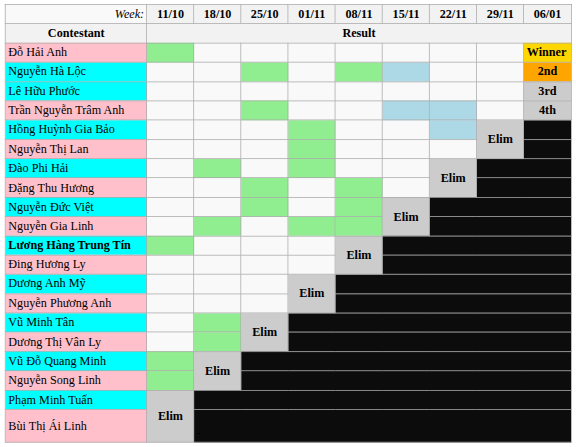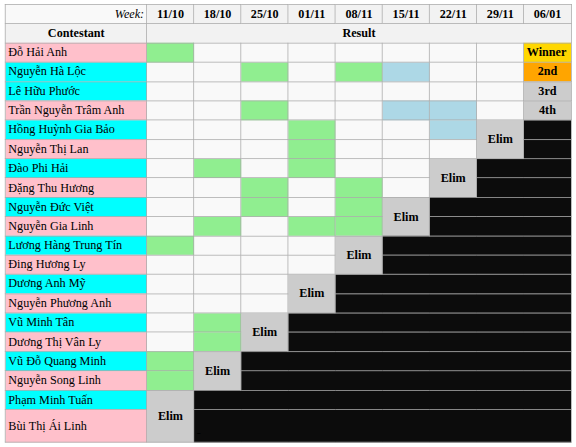 <table class="wikitable" style="margin:1em auto;">
 <tr>
 <td align="right" width="24%"><em>Week:</em></td>
 <th width="8%">11/10</th>
 <th width="8%">18/10</th>
 <th width="8%">25/10</th>
 <th width="8%">01/11</th>
 <th width="8%">08/11</th>
 <th width="8%">15/11</th>
 <th width="8%">22/11</th>
 <th width="8%">29/11</th>
 <th width="8%">06/01</th>
 </tr>
 <tr>
 <th>Contestant</th>
 <th colspan="10" style="text-align:center;">Result</th>
 </tr>
 <tr>
 <td bgcolor="pink">Đỗ Hải Anh</td>
 <td align="center" bgcolor="lightgreen"></td>
 <td></td>
 <td></td>
 <td></td>
 <td></td>
 <td></td>
 <td></td>
 <td></td>
 <td bgcolor="gold"><strong>Winner</strong></td>
 </tr>
 <tr>
 <td bgcolor="cyan">Nguyễn Hà Lộc</td>
 <td></td>
 <td></td>
 <td align="center" bgcolor="lightgreen"></td>
 <td></td>
 <td align="center" bgcolor="lightgreen"></td>
 <td align="center" bgcolor="lightblue"></td>
 <td></td>
 <td></td>
 <td bgcolor="orange" align="center"><strong>2nd</strong></td>
 </tr>
 <tr>
 <td bgcolor="cyan">Lê Hữu Phước</td>
 <td></td>
 <td></td>
 <td></td>
 <td></td>
 <td></td>
 <td></td>
 <td></td>
 <td></td>
 <td bgcolor="cccccc" align="center"><strong>3rd</strong></td>
 </tr>
 <tr>
 <td bgcolor="pink">Trần Nguyễn Trâm Anh</td>
 <td></td>
 <td></td>
 <td align="center" bgcolor="lightgreen"></td>
 <td></td>
 <td></td>
 <td bgcolor="lightblue" align="center"></td>
 <td bgcolor="lightblue" align="center"></td>
 <td></td>
 <td bgcolor="cccccc" align="center"><strong>4th</strong></td>
 </tr>
 <tr>
 <td bgcolor="cyan">Hồng Huỳnh Gia Bảo</td>
 <td></td>
 <td></td>
 <td></td>
 <td bgcolor="lightgreen" align="center"></td>
 <td></td>
 <td></td>
 <td bgcolor="lightblue" align="center"></td>
 <td rowspan="2" bgcolor="cccccc" align="center"><strong>Elim</strong></td>
 <td bgcolor="ccc" colspan=10></td>
 </tr>
 <tr>
 <td bgcolor="pink">Nguyễn Thị Lan</td>
 <td></td>
 <td></td>
 <td></td>
 <td bgcolor="lightgreen" align="center"></td>
 <td></td>
 <td></td>
 <td></td>
 <td bgcolor="ccc" colspan=10></td>
 </tr>
 <tr>
 <td bgcolor="cyan">Đào Phi Hải</td>
 <td></td>
 <td bgcolor="lightgreen" align="center"></td>
 <td></td>
 <td bgcolor="lightgreen" align="center"></td>
 <td></td>
 <td></td>
 <td rowspan="2" bgcolor="cccccc" align="center"><strong>Elim</strong></td>
 <td bgcolor="ccc" colspan=10></td>
 </tr>
 <tr>
 <td bgcolor="pink">Đặng Thu Hương</td>
 <td></td>
 <td></td>
 <td bgcolor="lightgreen" align="center"></td>
 <td></td>
 <td bgcolor="lightgreen" align="center"></td>
 <td></td>
 <td bgcolor="ccc" colspan=10></td>
 </tr>
 <tr>
 <td bgcolor="cyan">Nguyễn Đức Việt</td>
 <td></td>
 <td></td>
 <td bgcolor="lightgreen" align="center"></td>
 <td></td>
 <td bgcolor="lightgreen" align="center"></td>
 <td rowspan="2" bgcolor="cccccc" align="center"><strong>Elim</strong></td>
 <td bgcolor="ccc" colspan=10></td>
 </tr>
 <tr>
 <td bgcolor="pink">Nguyễn Gia Linh</td>
 <td></td>
 <td bgcolor="lightgreen" align="center"></td>
 <td></td>
 <td bgcolor="lightgreen" align="center"></td>
 <td bgcolor="lightgreen" align="center"></td>
 <td bgcolor="ccc" colspan=10></td>
 </tr>
 <tr>
-<td bgcolor="cyan"><strong>Lương Hàng Trung Tín</strong></td>
+<td bgcolor="cyan">Lương Hàng Trung Tín</td>
 <td bgcolor="lightgreen" align="center"></td>
 <td></td>
 <td></td>
 <td></td>
 <td rowspan="2" bgcolor="cccccc" align="center"><strong>Elim</strong></td>
 <td bgcolor="ccc" colspan=10></td>
 </tr>
 <tr>
 <td bgcolor="pink">Đing Hương Ly</td>
 <td></td>
 <td></td>
 <td></td>
 <td></td>
 <td bgcolor="ccc" colspan=10></td>
 </tr>
 <tr>
 <td bgcolor="cyan">Dương Anh Mỹ</td>
 <td></td>
 <td></td>
 <td></td>
 <td rowspan="2" bgcolor="cccccc" align="center"><strong>Elim</strong></td>
 <td bgcolor="ccc" colspan=10></td>
 </tr>
 <tr>
 <td bgcolor="pink">Nguyễn Phương Anh</td>
 <td></td>
 <td></td>
 <td></td>
 <td bgcolor="ccc" colspan=10></td>
 </tr>
 <tr>
 <td bgcolor="cyan">Vũ Minh Tân</td>
 <td></td>
 <td bgcolor="lightgreen" align="center"></td>
 <td bgcolor="cccccc" rowspan=2 align=center><strong>Elim</strong></td>
 <td bgcolor="ccc" colspan=10></td>
 </tr>
 <tr>
 <td bgcolor="pink">Dương Thị Vân Ly</td>
 <td></td>
 <td bgcolor="lightgreen" align="center"></td>
 <td bgcolor="ccc" colspan=10></td>
 </tr>
 <tr>
 <td bgcolor="cyan">Vũ Đỗ Quang Minh</td>
 <td bgcolor="lightgreen" align="center"></td>
 <td bgcolor="cccccc" rowspan=2 align=center><strong>Elim</strong></td>
 <td bgcolor="ccc" colspan=10></td>
 </tr>
 <tr>
 <td bgcolor="pink">Nguyễn Song Linh</td>
 <td bgcolor="lightgreen" align="center"></td>
 <td bgcolor="ccc" colspan=10></td>
 </tr>
 <tr>
 <td bgcolor="cyan">Phạm Minh Tuấn</td>
 <td bgcolor="cccccc" rowspan=2 align=center><strong>Elim</strong></td>
 <td bgcolor="ccc" colspan=10></td>
 </tr>
 <tr>
 <td bgcolor="pink">Bùi Thị Ái Linh</td>
 <td bgcolor="ccc" colspan=10><br>-</td>
 </tr>
 </table>
